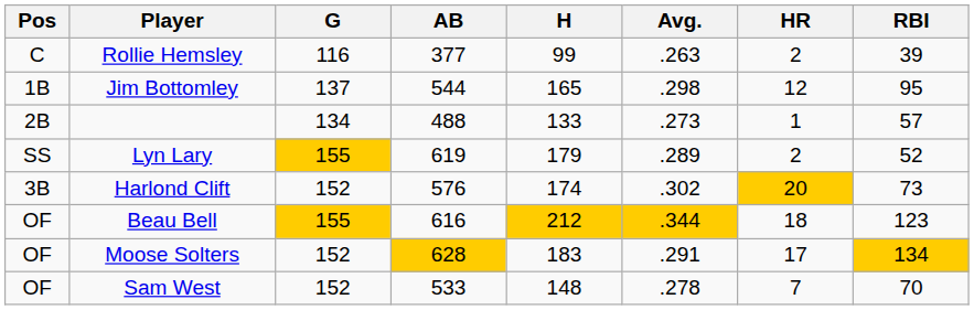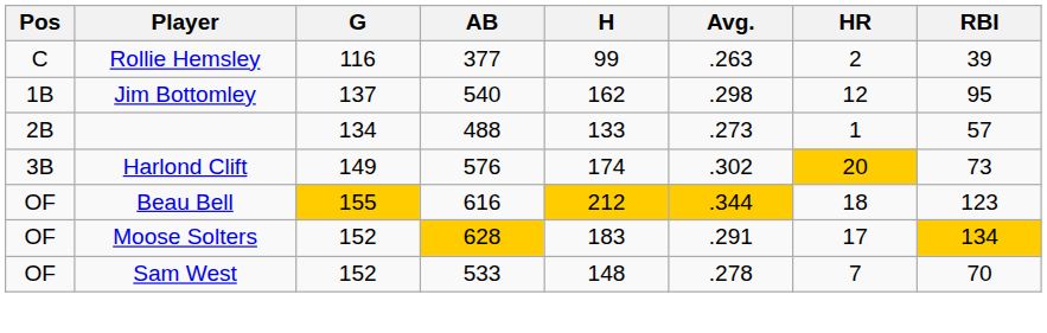 <table class="wikitable sortable">
 <tr>
 <th bgcolor="#DDDDFF" width="5%">Pos</th>
 <th bgcolor="#DDDDFF" width="16%">Player</th>
 <th bgcolor="#DDDDFF" width="9%">G</th>
 <th bgcolor="#DDDDFF" width="9%">AB</th>
 <th bgcolor="#DDDDFF" width="9%">H</th>
 <th bgcolor="#DDDDFF" width="9%">Avg.</th>
 <th bgcolor="#DDDDFF" width="9%">HR</th>
 <th bgcolor="#DDDDFF" width="9%">RBI</th>
 </tr>
 <tr align="center">
 <td>C</td>
 <td><a href='#'>Rollie Hemsley</a></td>
 <td>116</td>
 <td>377</td>
 <td>99</td>
 <td>.263</td>
 <td>2</td>
 <td>39</td>
 </tr>
 <tr align=center>
 <td>1B</td>
 <td><a href='#'>Jim Bottomley</a></td>
 <td>137</td>
-<td>544</td>
-<td>165</td>
+<td>540</td>
+<td>162</td>
 <td>.298</td>
 <td>12</td>
 <td>95</td>
 </tr>
 <tr align=center>
 <td>2B</td>
 <td></td>
 <td>134</td>
 <td>488</td>
 <td>133</td>
 <td>.273</td>
 <td>1</td>
 <td>57</td>
 </tr>
-<tr align="center">
-<td>SS</td>
-<td><a href='#'>Lyn Lary</a></td>
-<td style="background:#fc0;">155</td>
-<td>619</td>
-<td>179</td>
-<td>.289</td>
-<td>2</td>
-<td>52</td>
-</tr>
 <tr align=center>
 <td>3B</td>
 <td><a href='#'>Harlond Clift</a></td>
-<td>152</td>
+<td>149</td>
 <td>576</td>
 <td>174</td>
 <td>.302</td>
 <td style="background:#fc0;">20</td>
 <td>73</td>
 </tr>
 <tr align=center>
 <td>OF</td>
 <td><a href='#'>Beau Bell</a></td>
 <td style="background:#fc0;">155</td>
 <td>616</td>
 <td style="background:#fc0;">212</td>
 <td style="background:#fc0;">.344</td>
 <td>18</td>
 <td>123</td>
 </tr>
 <tr align=center>
 <td>OF</td>
 <td><a href='#'>Moose Solters</a></td>
 <td>152</td>
 <td style="background:#fc0;">628</td>
 <td>183</td>
 <td>.291</td>
 <td>17</td>
 <td style="background:#fc0;">134</td>
 </tr>
 <tr align=center>
 <td>OF</td>
 <td><a href='#'>Sam West</a></td>
 <td>152</td>
 <td>533</td>
 <td>148</td>
 <td>.278</td>
 <td>7</td>
 <td>70</td>
 </tr>
 </table>
